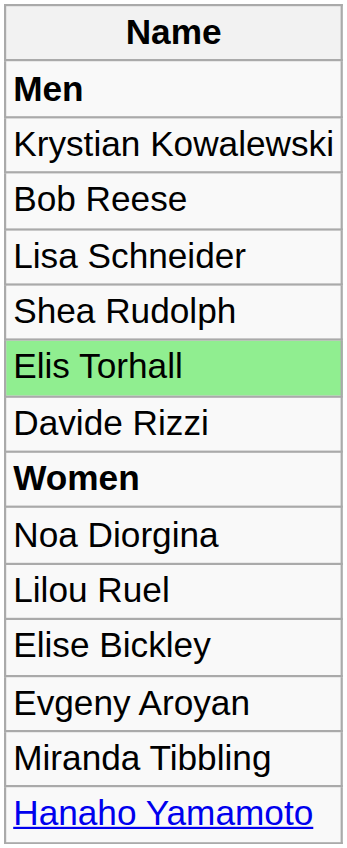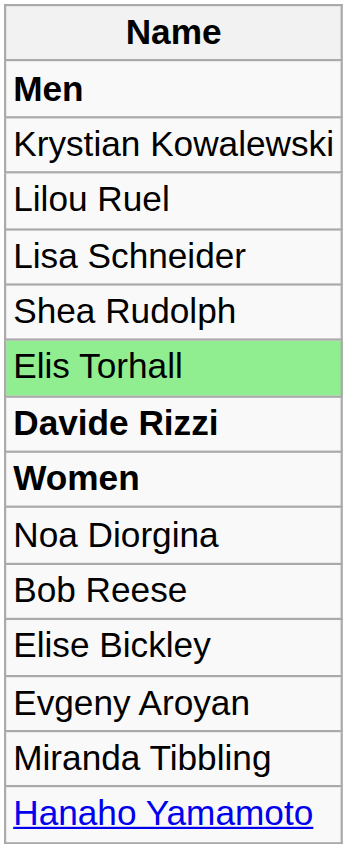 <table class="wikitable">
 <tr>
 <th>Name</th>
 </tr>
 <tr>
 <td><strong>Men</strong></td>
 </tr>
 <tr>
 <td> Krystian Kowalewski</td>
 </tr>
 <tr>
-<td> Bob Reese</td>
+<td> Lilou Ruel</td>
 </tr>
 <tr>
 <td> Lisa Schneider</td>
 </tr>
 <tr>
 <td> Shea Rudolph</td>
 </tr>
 <tr>
 <td style="background: lightgreen;"> Elis Torhall</td>
 </tr>
 <tr>
-<td> Davide Rizzi</td>
+<td><strong> Davide Rizzi</strong></td>
 </tr>
 <tr>
 <td><strong>Women</strong></td>
 </tr>
 <tr>
 <td> Noa Diorgina</td>
 </tr>
 <tr>
-<td> Lilou Ruel</td>
+<td> Bob Reese</td>
 </tr>
 <tr>
 <td> Elise Bickley</td>
 </tr>
 <tr>
 <td> Evgeny Aroyan</td>
 </tr>
 <tr>
 <td> Miranda Tibbling</td>
 </tr>
 <tr>
 <td> <a href='#'>Hanaho Yamamoto</a></td>
 </tr>
 </table>
